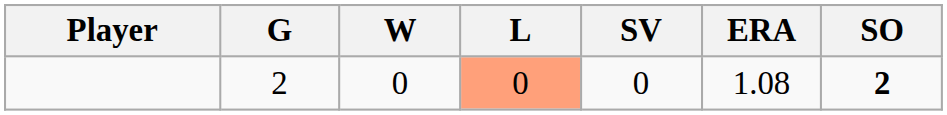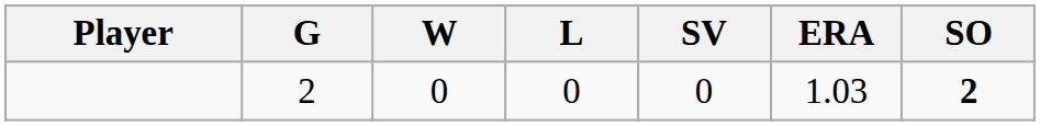 <table class="wikitable sortable">
 <tr>
 <th bgcolor="#DDDDFF" width="16%">Player</th>
 <th bgcolor="#DDDDFF" width="9%">G</th>
 <th bgcolor="#DDDDFF" width="9%">W</th>
 <th bgcolor="#DDDDFF" width="9%">L</th>
 <th bgcolor="#DDDDFF" width="9%">SV</th>
 <th bgcolor="#DDDDFF" width="9%">ERA</th>
 <th bgcolor="#DDDDFF" width="9%">SO</th>
 </tr>
 <tr align="center">
 <td></td>
 <td>2</td>
 <td>0</td>
-<td style="background: lightsalmon;">0</td>
 <td>0</td>
-<td>1.08</td>
+<td>0</td>
+<td>1.03</td>
 <td><strong>2</strong></td>
 </tr>
 </table>
